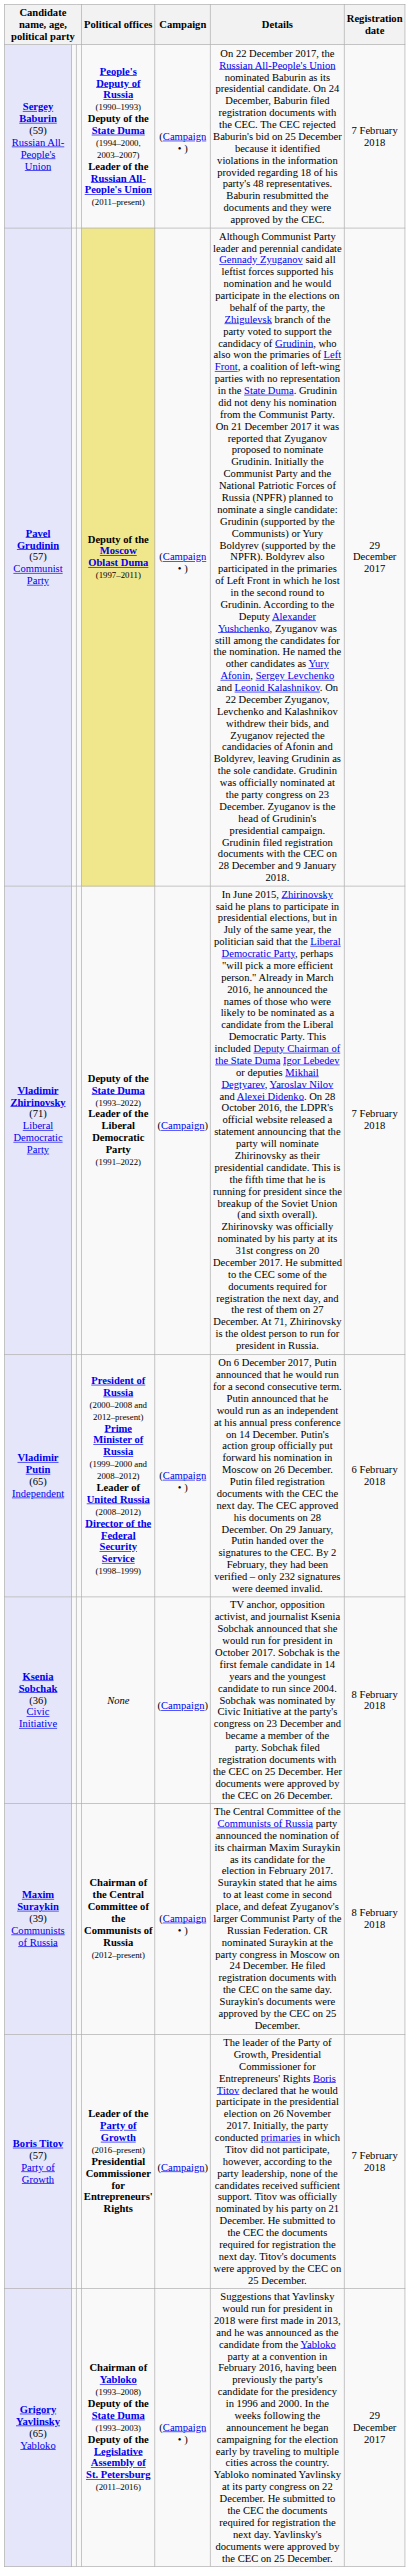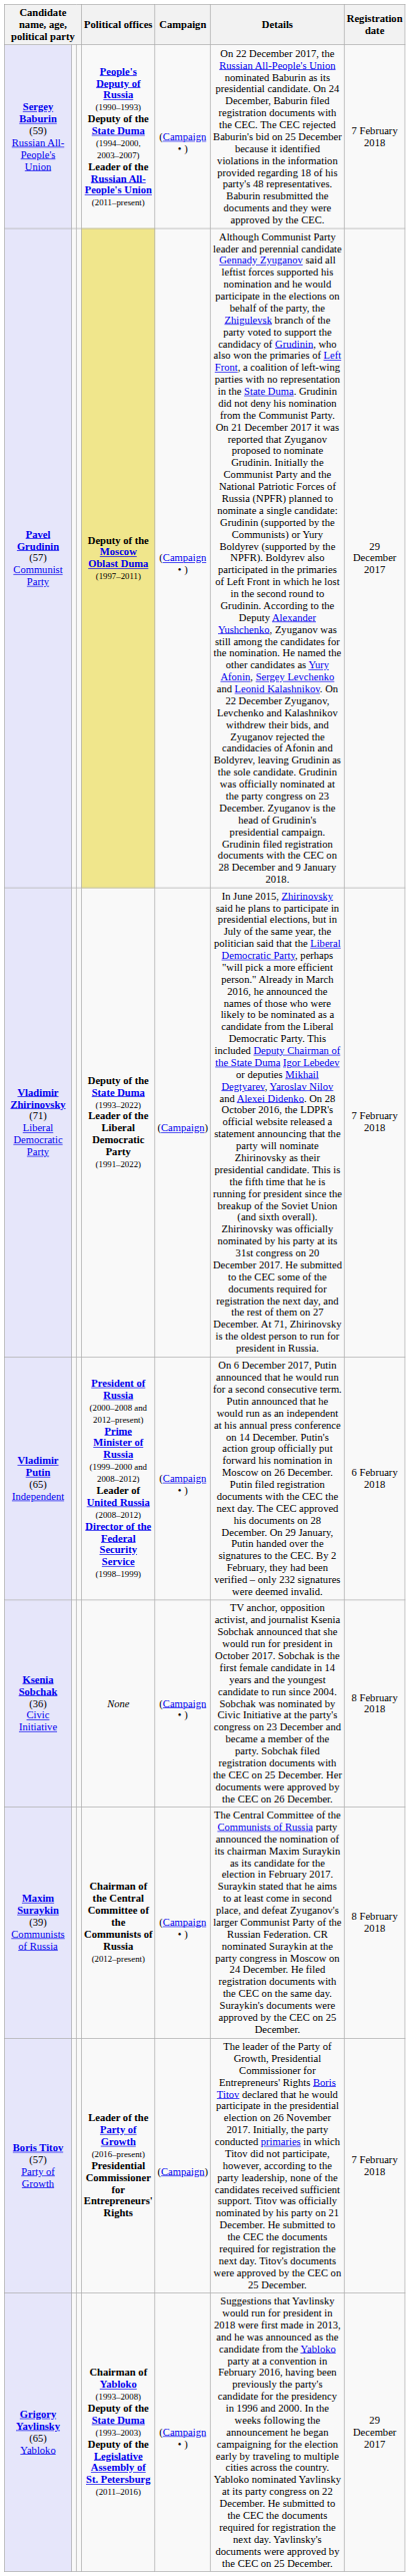 <table class="wikitable" style="text-align:center;">
 <tr>
 <th colspan="3" style="width:20%;">Candidate name, age,<br>political party</th>
 <th>Political offices</th>
 <th>Campaign</th>
 <th style="width:48%;">Details</th>
 <th>Registration date</th>
 </tr>
 <tr>
 <td style="background:lavender;"><strong><a href='#'>Sergey Baburin</a></strong><br>(59)<br><a href='#'>Russian All-People's Union</a></td>
 <td></td>
 <td style="background-color:"></td>
 <td><strong><a href='#'>People's Deputy of Russia</a></strong><br><small>(1990–1993)</small><br><strong>Deputy of the <a href='#'>State Duma</a></strong><br><small>(1994–2000, 2003–2007)</small><br><strong>Leader of the <a href='#'>Russian All-People's Union</a></strong><br><small>(2011–present)</small></td>
 <td><br>(<a href='#'>Campaign</a> • )</td>
 <td>On 22 December 2017, the <a href='#'>Russian All-People's Union</a> nominated Baburin as its presidential candidate. On 24 December, Baburin filed registration documents with the CEC. The CEC rejected Baburin's bid on 25 December because it identified violations in the information provided regarding 18 of his party's 48 representatives. Baburin resubmitted the documents and they were approved by the CEC.</td>
 <td>7 February 2018</td>
 </tr>
 <tr>
 <td style="background:lavender;"><strong><a href='#'>Pavel Grudinin</a></strong><br>(57)<br><a href='#'>Communist Party</a></td>
 <td></td>
 <td style="background-color:"></td>
 <td style="background: khaki;"><strong>Deputy of the <a href='#'>Moscow Oblast Duma</a></strong><br><small>(1997–2011)</small></td>
 <td><br>(<a href='#'>Campaign</a> • )</td>
 <td>Although Communist Party leader and perennial candidate <a href='#'>Gennady Zyuganov</a> said all leftist forces supported his nomination and he would participate in the elections on behalf of the party, the <a href='#'>Zhigulevsk</a> branch of the party voted to support the candidacy of <a href='#'>Grudinin</a>, who also won the primaries of <a href='#'>Left Front</a>, a coalition of left-wing parties with no representation in the <a href='#'>State Duma</a>. Grudinin did not deny his nomination from the Communist Party. On 21 December 2017 it was reported that Zyuganov proposed to nominate Grudinin. Initially the Communist Party and the National Patriotic Forces of Russia (NPFR) planned to nominate a single candidate: Grudinin (supported by the Communists) or Yury Boldyrev (supported by the NPFR). Boldyrev also participated in the primaries of Left Front in which he lost in the second round to Grudinin. According to the Deputy <a href='#'>Alexander Yushchenko</a>, Zyuganov was still among the candidates for the nomination. He named the other candidates as <a href='#'>Yury Afonin</a>, <a href='#'>Sergey Levchenko</a> and <a href='#'>Leonid Kalashnikov</a>. On 22 December Zyuganov, Levchenko and Kalashnikov withdrew their bids, and Zyuganov rejected the candidacies of Afonin and Boldyrev, leaving Grudinin as the sole candidate. Grudinin was officially nominated at the party congress on 23 December. Zyuganov is the head of Grudinin's presidential campaign. Grudinin filed registration documents with the CEC on 28 December and 9 January 2018.</td>
 <td>29 December 2017</td>
 </tr>
 <tr>
 <td style="background:lavender;"><strong><a href='#'>Vladimir Zhirinovsky</a></strong><br>(71)<br><a href='#'>Liberal Democratic Party</a></td>
 <td></td>
 <td style="background-color:"></td>
 <td><strong>Deputy of the <a href='#'>State Duma</a></strong><br><small>(1993–2022)</small><br><strong>Leader of the Liberal Democratic Party</strong><br><small>(1991–2022)</small></td>
 <td><br>(<a href='#'>Campaign</a>)</td>
 <td>In June 2015, <a href='#'>Zhirinovsky</a> said he plans to participate in presidential elections, but in July of the same year, the politician said that the <a href='#'>Liberal Democratic Party</a>, perhaps "will pick a more efficient person." Already in March 2016, he announced the names of those who were likely to be nominated as a candidate from the Liberal Democratic Party. This included <a href='#'>Deputy Chairman of the State Duma</a> <a href='#'>Igor Lebedev</a> or deputies <a href='#'>Mikhail Degtyarev</a>, <a href='#'>Yaroslav Nilov</a> and <a href='#'>Alexei Didenko</a>. On 28 October 2016, the LDPR's official website released a statement announcing that the party will nominate Zhirinovsky as their presidential candidate. This is the fifth time that he is running for president since the breakup of the Soviet Union (and sixth overall). Zhirinovsky was officially nominated by his party at its 31st congress on 20 December 2017. He submitted to the CEC some of the documents required for registration the next day, and the rest of them on 27 December. At 71, Zhirinovsky is the oldest person to run for president in Russia.</td>
 <td>7 February 2018</td>
 </tr>
 <tr>
 <td style="background:lavender;"><strong><a href='#'>Vladimir Putin</a></strong><br>(65)<br><a href='#'>Independent</a></td>
 <td></td>
 <td style="background-color:"></td>
 <td><strong><a href='#'>President of Russia</a></strong><br><small>(2000–2008 and 2012–present)</small><br><strong><a href='#'>Prime Minister of Russia</a></strong><br><small>(1999–2000 and 2008–2012)</small><br><strong>Leader of <a href='#'>United Russia</a></strong><br><small>(2008–2012)</small><br><strong><a href='#'>Director of the Federal Security Service</a></strong><br><small>(1998–1999)</small></td>
 <td><br>(<a href='#'>Campaign</a> • )</td>
 <td>On 6 December 2017, Putin announced that he would run for a second consecutive term. Putin announced that he would run as an independent at his annual press conference on 14 December. Putin's action group officially put forward his nomination in Moscow on 26 December. Putin filed registration documents with the CEC the next day. The CEC approved his documents on 28 December. On 29 January, Putin handed over the signatures to the CEC. By 2 February, they had been verified – only 232 signatures were deemed invalid.</td>
 <td>6 February 2018</td>
 </tr>
 <tr>
 <td style="background:lavender;"><strong><a href='#'>Ksenia Sobchak</a></strong><br>(36)<br><a href='#'>Civic Initiative</a></td>
 <td></td>
 <td style="background-color:"></td>
 <td><em>None</em></td>
-<td> <br>(<a href='#'>Campaign</a>)</td>
+<td><br>(<a href='#'>Campaign</a> • )</td>
 <td>TV anchor, opposition activist, and journalist Ksenia Sobchak announced that she would run for president in October 2017. Sobchak is the first female candidate in 14 years and the youngest candidate to run since 2004. Sobchak was nominated by Civic Initiative at the party's congress on 23 December and became a member of the party. Sobchak filed registration documents with the CEC on 25 December. Her documents were approved by the CEC on 26 December.</td>
 <td>8 February 2018</td>
 </tr>
 <tr>
 <td style="background:lavender;"><strong><a href='#'>Maxim Suraykin</a></strong><br>(39)<br><a href='#'>Communists of Russia</a></td>
 <td></td>
 <td style="background-color:"></td>
 <td><strong>Chairman of the Central Committee of the Communists of Russia</strong><br><small>(2012–present)</small></td>
 <td><br>(<a href='#'>Campaign</a> • )</td>
 <td>The Central Committee of the <a href='#'>Communists of Russia</a> party announced the nomination of its chairman Maxim Suraykin as its candidate for the election in February 2017. Suraykin stated that he aims to at least come in second place, and defeat Zyuganov's larger Communist Party of the Russian Federation. CR nominated Suraykin at the party congress in Moscow on 24 December. He filed registration documents with the CEC on the same day. Suraykin's documents were approved by the CEC on 25 December.</td>
 <td>8 February 2018</td>
 </tr>
 <tr>
 <td style="background:lavender;"><strong><a href='#'>Boris Titov</a></strong><br>(57)<br><a href='#'>Party of Growth</a></td>
 <td></td>
 <td style="background-color:"></td>
 <td><strong>Leader of the <a href='#'>Party of Growth</a></strong><br><small>(2016–present)</small><br><strong>Presidential Commissioner for Entrepreneurs' Rights</strong></td>
 <td> <br>(<a href='#'>Campaign</a>)</td>
 <td>The leader of the Party of Growth, Presidential Commissioner for Entrepreneurs' Rights <a href='#'>Boris Titov</a> declared that he would participate in the presidential election on 26 November 2017. Initially, the party conducted <a href='#'>primaries</a> in which Titov did not participate, however, according to the party leadership, none of the candidates received sufficient support. Titov was officially nominated by his party on 21 December. He submitted to the CEC the documents required for registration the next day. Titov's documents were approved by the CEC on 25 December.</td>
 <td>7 February 2018</td>
 </tr>
 <tr>
 <td style="background:lavender;"><strong><a href='#'>Grigory Yavlinsky</a></strong><br>(65)<br><a href='#'>Yabloko</a></td>
 <td></td>
 <td style="background-color:"></td>
 <td><strong>Chairman of <a href='#'>Yabloko</a></strong><br><small>(1993–2008)</small><br> <strong>Deputy of the<br><a href='#'>State Duma</a></strong><br><small>(1993–2003)</small><br> <strong>Deputy of the<br><a href='#'>Legislative Assembly of St. Petersburg</a></strong><br><small>(2011–2016)</small></td>
 <td><br>(<a href='#'>Campaign</a> • )</td>
 <td>Suggestions that Yavlinsky would run for president in 2018 were first made in 2013, and he was announced as the candidate from the <a href='#'>Yabloko</a> party at a convention in February 2016, having been previously the party's candidate for the presidency in 1996 and 2000. In the weeks following the announcement he began campaigning for the election early by traveling to multiple cities across the country. Yabloko nominated Yavlinsky at its party congress on 22 December. He submitted to the CEC the documents required for registration the next day. Yavlinsky's documents were approved by the CEC on 25 December.</td>
 <td>29 December 2017</td>
 </tr>
 </table>
